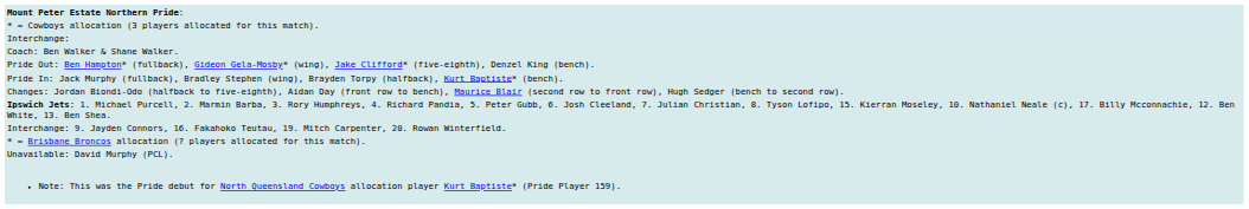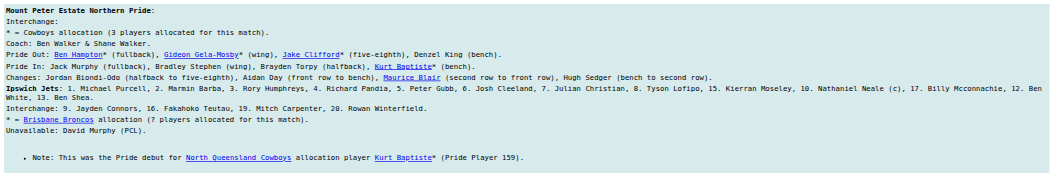 <table style="background:#d7ebed; font-size:85%; width:100%;">
 <tr>
 <td><strong>Mount Peter Estate Northern Pride</strong>:             </td>
 </tr>
 <tr>
-<td>* = Cowboys allocation (3 players allocated for this match).</td>
+<td>Interchange:    </td>
 </tr>
 <tr>
-<td>Interchange:    </td>
+<td>* = Cowboys allocation (3 players allocated for this match).</td>
 </tr>
 <tr>
 <td>Coach: Ben Walker & Shane Walker.</td>
 </tr>
 <tr>
 <td>Pride Out: <a href='#'>Ben Hampton</a>* (fullback), <a href='#'>Gideon Gela-Mosby</a>* (wing), <a href='#'>Jake Clifford</a>* (five-eighth), Denzel King (bench).</td>
 </tr>
 <tr>
 <td>Pride In: Jack Murphy (fullback), Bradley Stephen (wing), Brayden Torpy (halfback), <a href='#'>Kurt Baptiste</a>* (bench).</td>
 </tr>
 <tr>
 <td>Changes: Jordan Biondi-Odo (halfback to five-eighth), Aidan Day (front row to bench), <a href='#'>Maurice Blair</a> (second row to front row), Hugh Sedger (bench to second row).</td>
 </tr>
 <tr>
 <td><strong>Ipswich Jets</strong>: 1. Michael Purcell, 2. Marmin Barba, 3. Rory Humphreys, 4. Richard Pandia, 5. Peter Gubb, 6. Josh Cleeland, 7. Julian Christian, 8. Tyson Lofipo, 15. Kierran Moseley, 10. Nathaniel Neale (c), 17. Billy Mcconnachie, 12. Ben White, 13. Ben Shea.</td>
 </tr>
 <tr>
 <td>Interchange: 9. Jayden Connors, 16. Fakahoko Teutau, 19. Mitch Carpenter, 20. Rowan Winterfield.</td>
 </tr>
 <tr>
 <td>* = <a href='#'>Brisbane Broncos</a> allocation (? players allocated for this match).</td>
 </tr>
 <tr>
 <td>Unavailable: David Murphy (PCL).</td>
 </tr>
 <tr>
 <td><br><ul><li>Note: This was the Pride debut for <a href='#'>North Queensland Cowboys</a> allocation player <a href='#'>Kurt Baptiste</a>* (Pride Player 159).</li></ul></td>
 </tr>
 <tr>
 </tr>
 </table>
